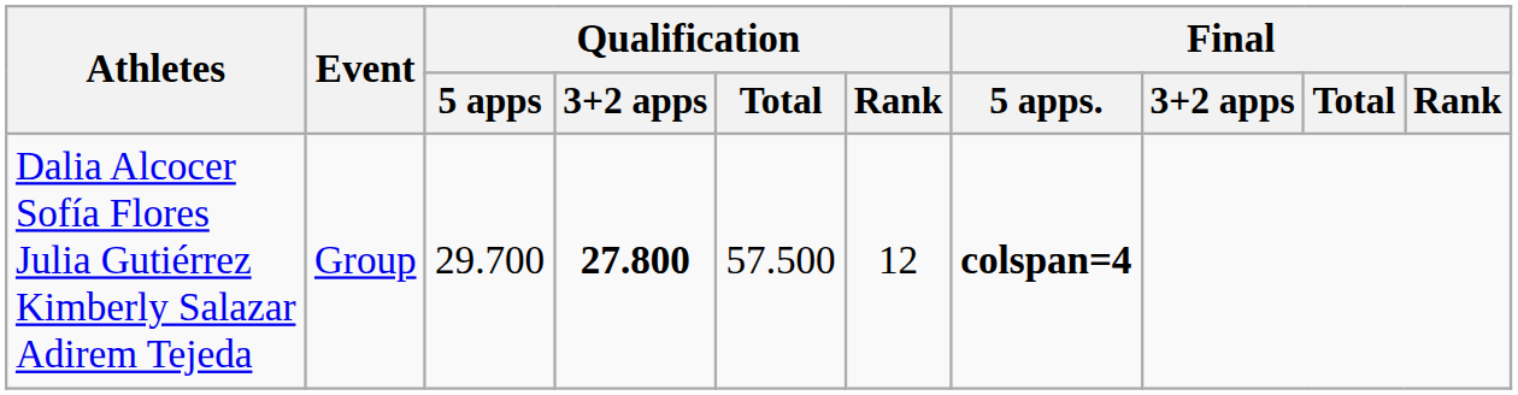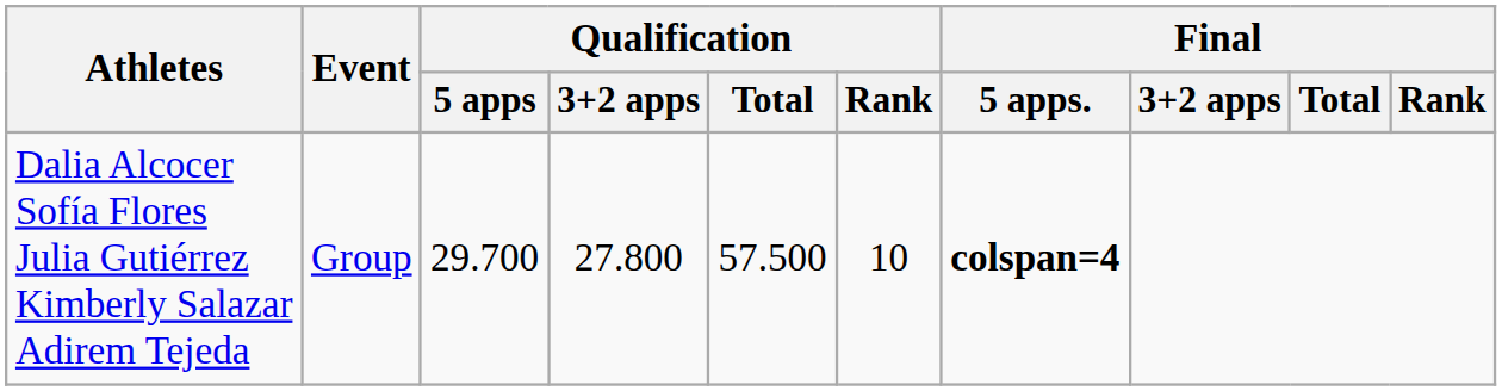 <table class="wikitable" style="font-size:90%">
 <tr>
 <th rowspan="2">Athletes</th>
 <th rowspan="2">Event</th>
 <th colspan="4">Qualification</th>
 <th colspan="4">Final</th>
 </tr>
 <tr style="font-size:95%">
 <th>5 apps</th>
 <th>3+2 apps</th>
 <th>Total</th>
 <th>Rank</th>
 <th>5 apps.</th>
 <th>3+2 apps</th>
 <th>Total</th>
 <th>Rank</th>
 </tr>
 <tr align=center>
 <td align=left><a href='#'>Dalia Alcocer</a><br><a href='#'>Sofía Flores</a><br><a href='#'>Julia Gutiérrez</a><br><a href='#'>Kimberly Salazar</a><br><a href='#'>Adirem Tejeda</a></td>
 <td align=left><a href='#'>Group</a></td>
 <td>29.700</td>
-<td><strong>27.800</strong></td>
+<td>27.800</td>
 <td>57.500</td>
-<td>12</td>
+<td>10</td>
 <td><strong>colspan=4</strong></td>
 </tr>
 </table>
